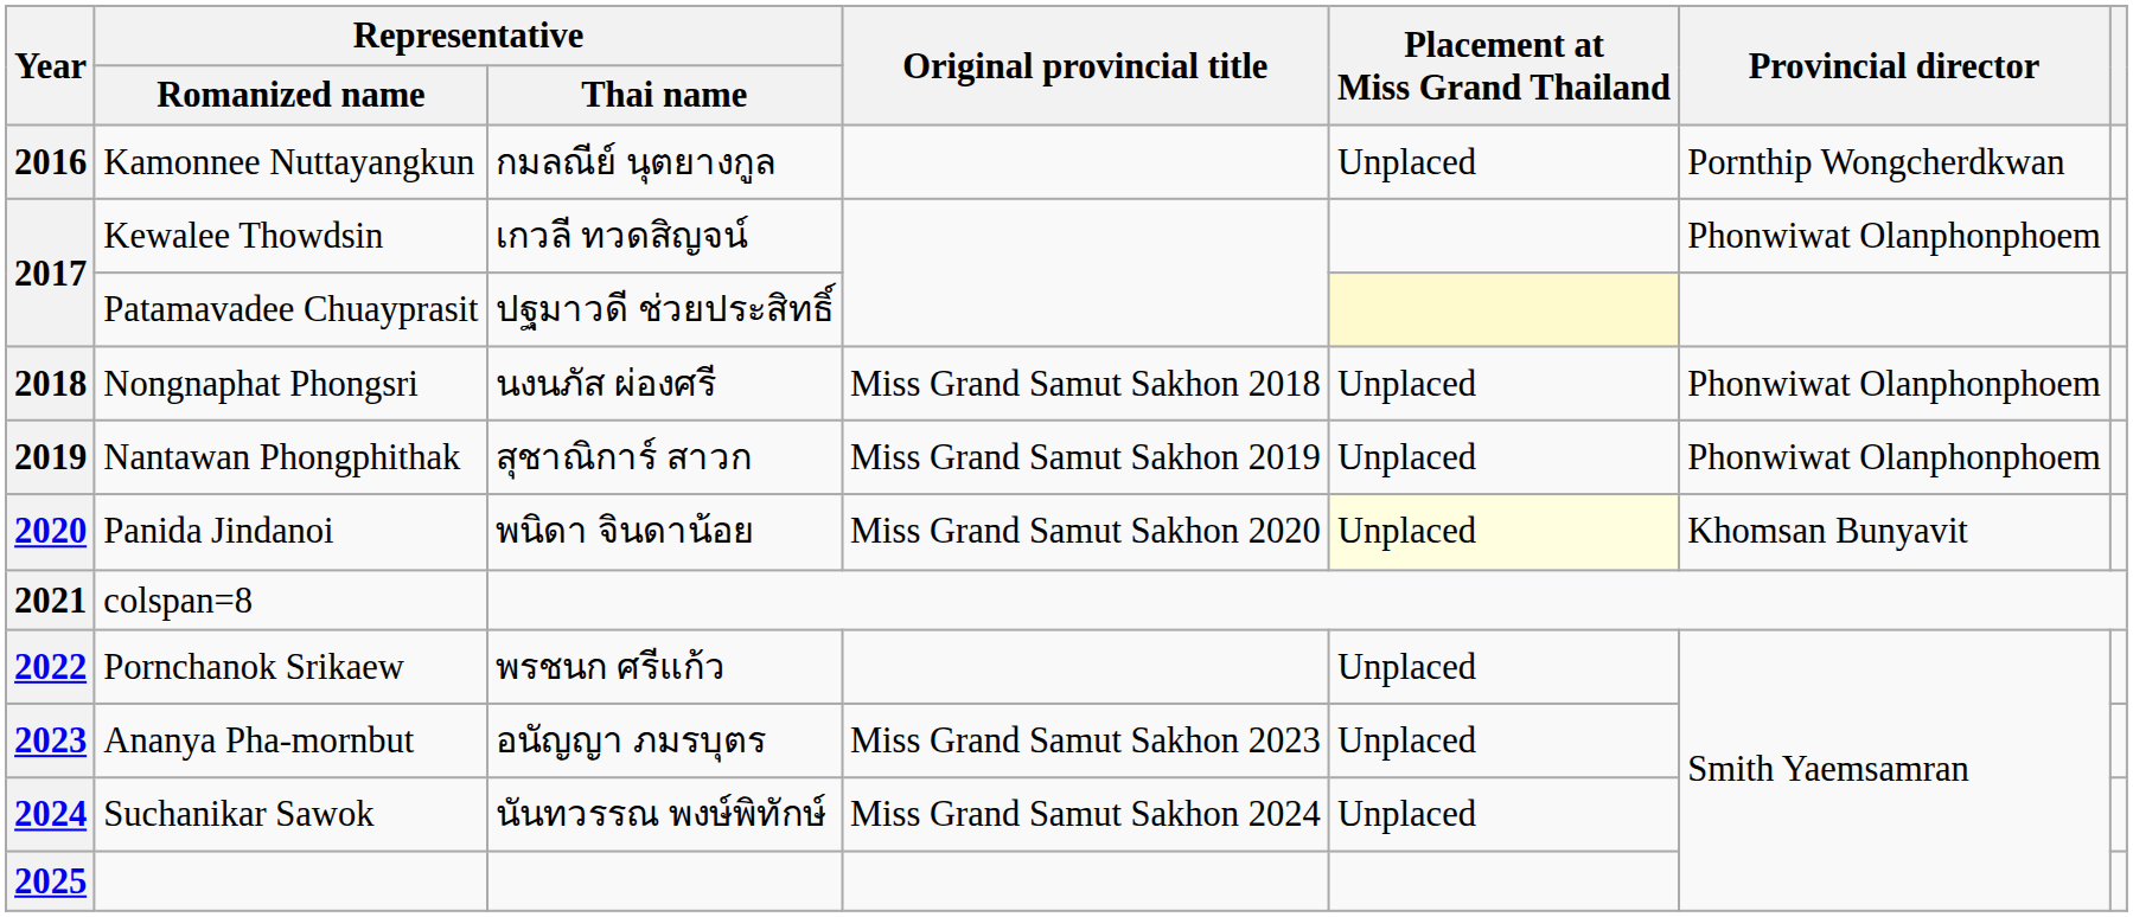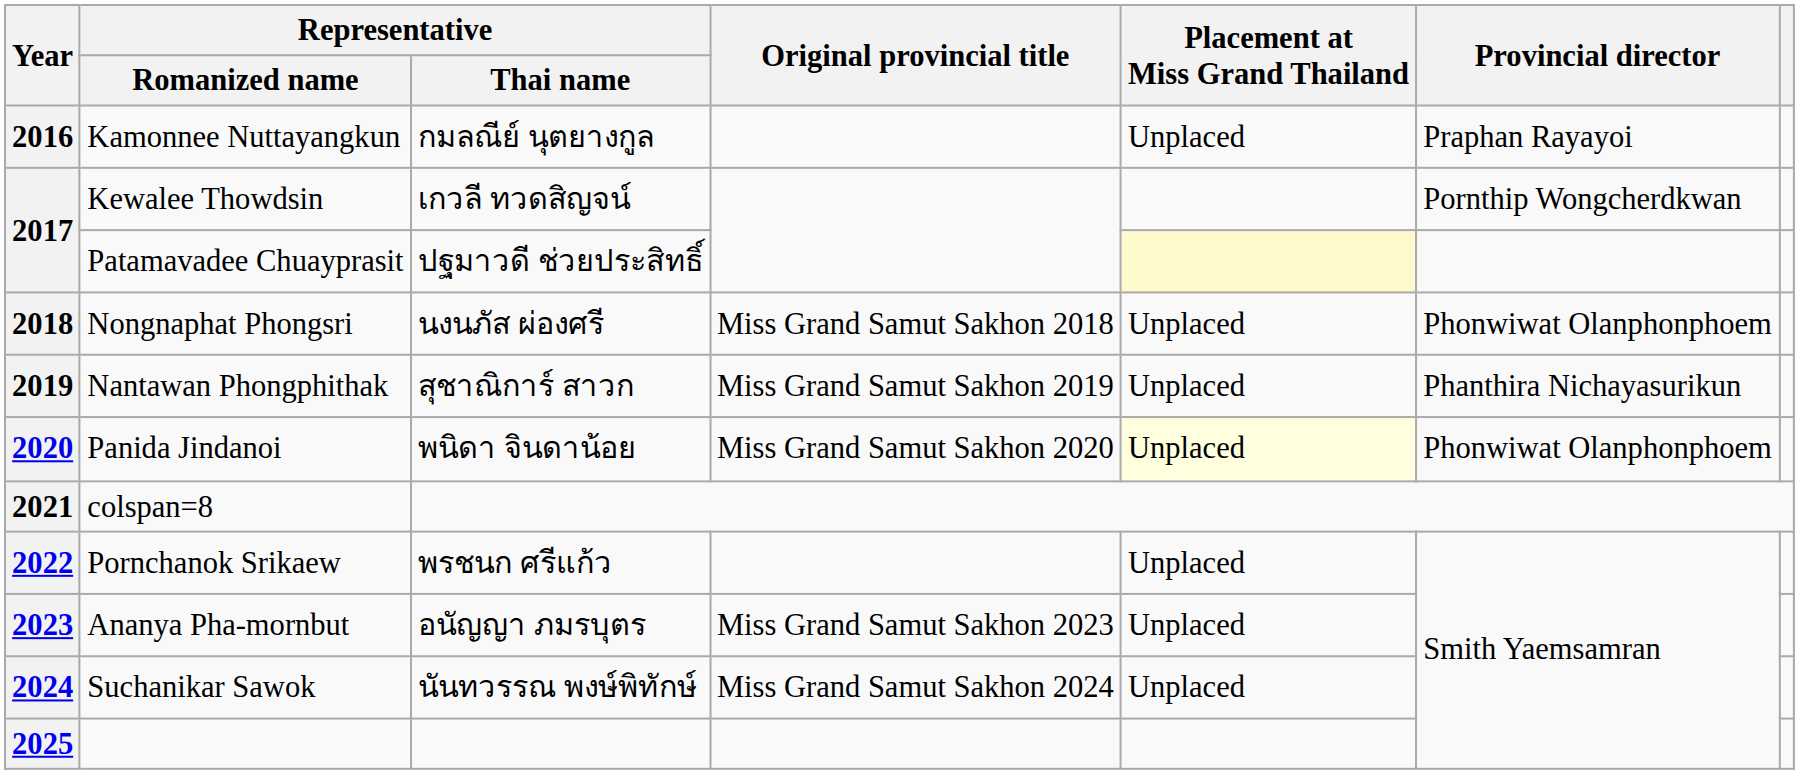 <table class="wikitable defaultcenter col2left col3left col6left" style="font-size:95%;">
 <tr>
 <th rowspan=2>Year</th>
 <th colspan=2>Representative</th>
 <th rowspan=2>Original provincial title</th>
 <th rowspan=2>Placement at<br>Miss Grand Thailand</th>
 <th rowspan=2>Provincial director</th>
 <th rowspan=2></th>
 </tr>
 <tr>
 <th>Romanized name</th>
 <th>Thai name</th>
 </tr>
 <tr>
 <th>2016</th>
 <td>Kamonnee Nuttayangkun</td>
 <td>กมลณีย์ นุตยางกูล</td>
 <td></td>
 <td>Unplaced</td>
-<td>Pornthip Wongcherdkwan</td>
+<td>Praphan Rayayoi</td>
 <td></td>
 </tr>
 <tr>
 <th rowspan=2>2017</th>
 <td>Kewalee Thowdsin</td>
 <td>เกวลี ทวดสิญจน์</td>
 <td rowspan=2></td>
 <td></td>
-<td>Phonwiwat Olanphonphoem</td>
+<td>Pornthip Wongcherdkwan</td>
 <td></td>
 </tr>
 <tr>
 <td>Patamavadee Chuayprasit</td>
 <td>ปฐมาวดี ช่วยประสิทธิ์</td>
 <td bgcolor=#FFFACD></td>
 <td></td>
 <td></td>
 </tr>
 <tr>
 <th>2018</th>
 <td>Nongnaphat Phongsri</td>
 <td>นงนภัส ผ่องศรี</td>
 <td>Miss Grand Samut Sakhon 2018</td>
 <td>Unplaced</td>
 <td>Phonwiwat Olanphonphoem</td>
 <td></td>
 </tr>
 <tr>
 <th>2019</th>
 <td>Nantawan Phongphithak</td>
 <td>สุชาณิการ์ สาวก</td>
 <td>Miss Grand Samut Sakhon 2019</td>
 <td>Unplaced</td>
-<td>Phonwiwat Olanphonphoem</td>
+<td>Phanthira Nichayasurikun</td>
 <td></td>
 </tr>
 <tr>
 <th><a href='#'>2020</a></th>
 <td>Panida Jindanoi</td>
 <td>พนิดา จินดาน้อย</td>
 <td>Miss Grand Samut Sakhon 2020</td>
 <td style="background: lightyellow;">Unplaced</td>
-<td>Khomsan Bunyavit</td>
+<td>Phonwiwat Olanphonphoem</td>
 <td></td>
 </tr>
 <tr>
 <th>2021</th>
 <td>colspan=8 </td>
 </tr>
 <tr>
 <th><a href='#'>2022</a></th>
 <td>Pornchanok Srikaew</td>
 <td>พรชนก ศรีแก้ว</td>
 <td></td>
 <td>Unplaced</td>
 <td rowspan=4>Smith Yaemsamran</td>
 <td></td>
 </tr>
 <tr>
 <th><a href='#'>2023</a></th>
 <td>Ananya Pha-mornbut</td>
 <td>อนัญญา ภมรบุตร</td>
 <td>Miss Grand Samut Sakhon 2023</td>
 <td>Unplaced</td>
 <td></td>
 </tr>
 <tr>
 <th><a href='#'>2024</a></th>
 <td>Suchanikar Sawok</td>
 <td>นันทวรรณ พงษ์พิทักษ์</td>
 <td>Miss Grand Samut Sakhon 2024</td>
 <td>Unplaced</td>
 <td></td>
 </tr>
 <tr>
 <th><a href='#'>2025</a></th>
 <td></td>
 <td></td>
 <td></td>
 <td></td>
 </tr>
 </table>
